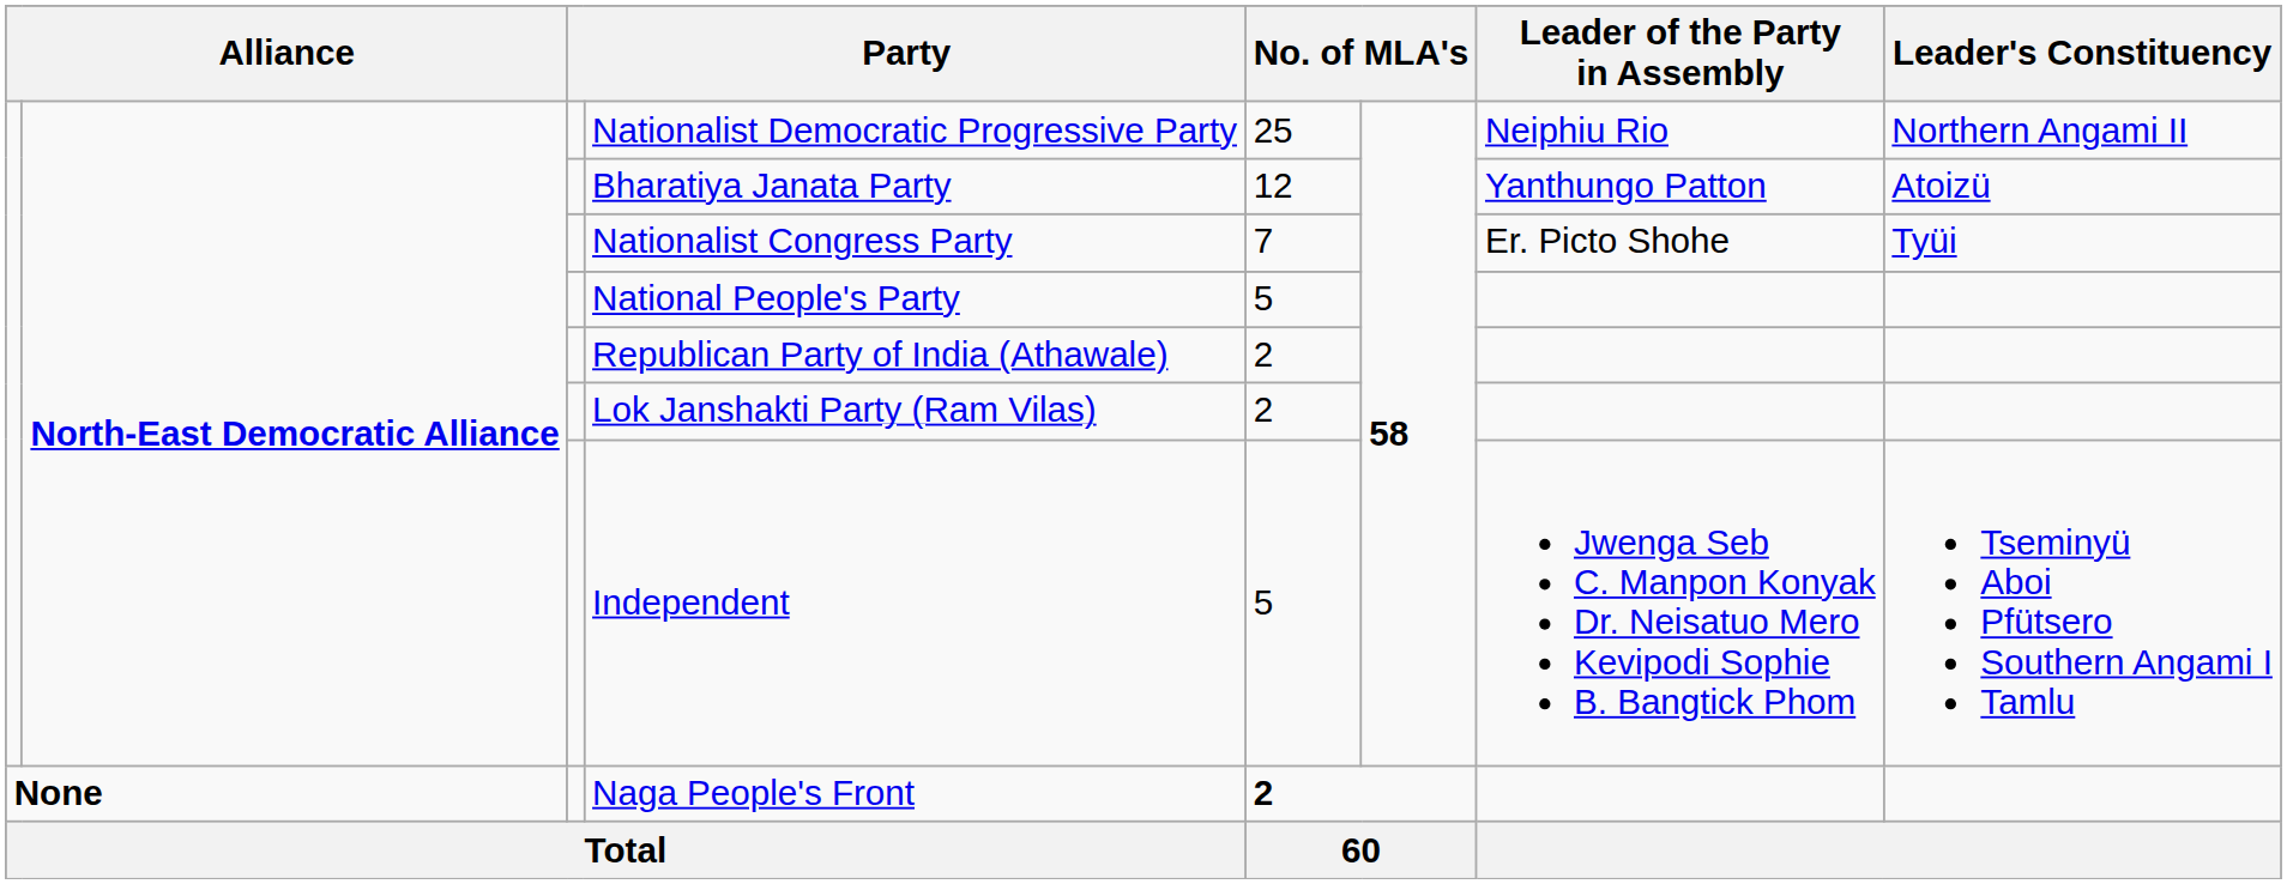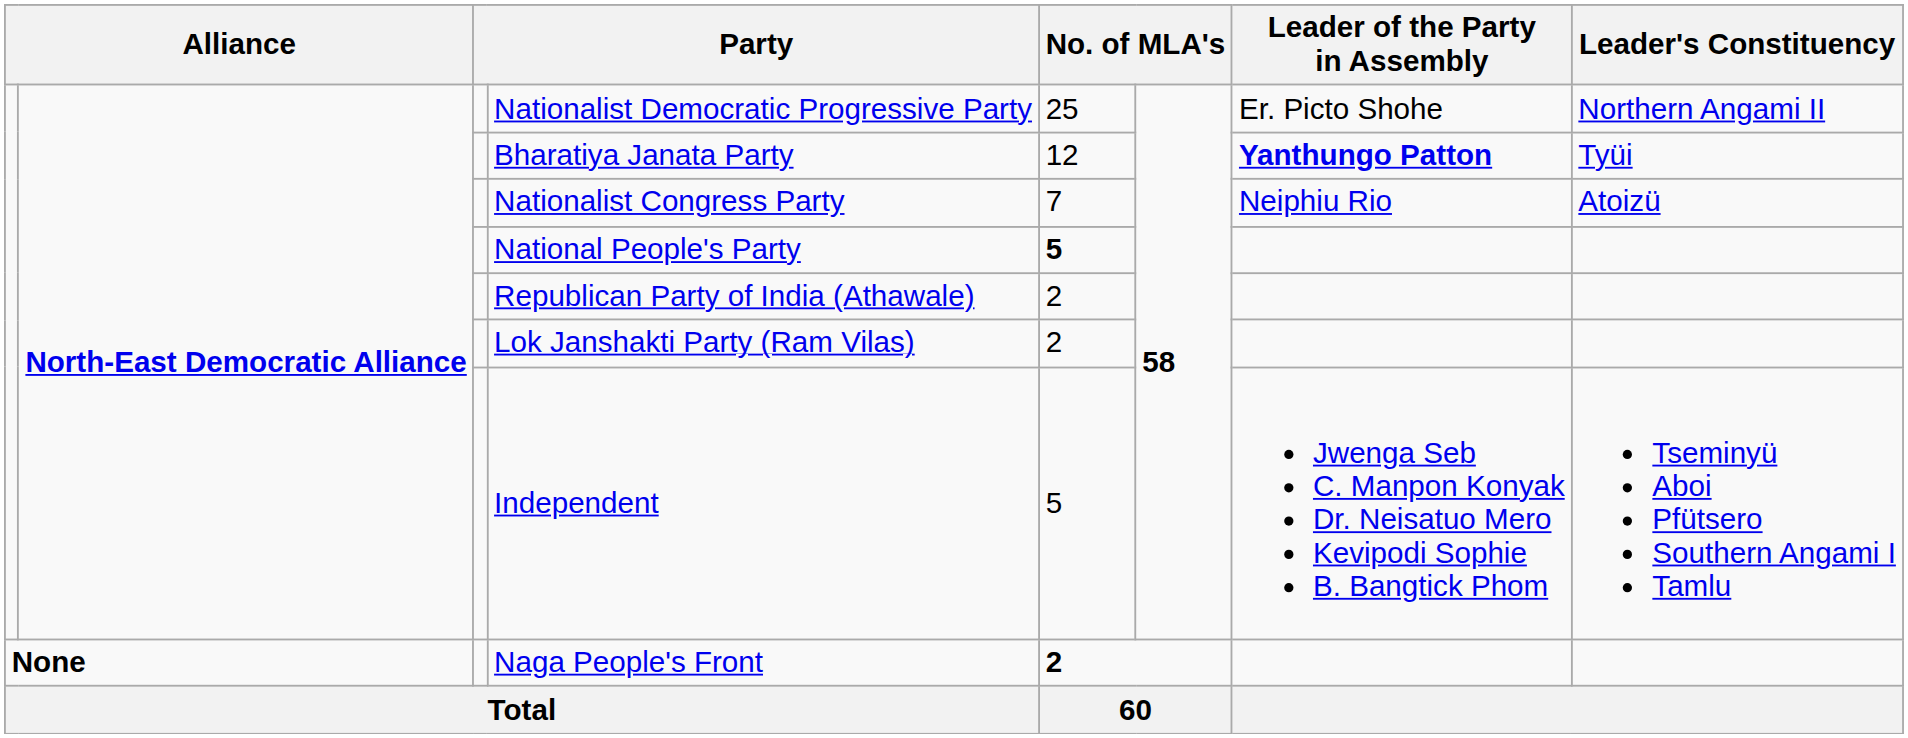 <table class="wikitable">
 <tr>
 <th colspan="2">Alliance</th>
 <th colspan="2">Party</th>
 <th colspan="2">No. of MLA's</th>
 <th>Leader of the Party<br>in Assembly</th>
 <th>Leader's Constituency</th>
 </tr>
 <tr>
 <td rowspan="7" style="background:"></td>
 <td rowspan="7"><strong><a href='#'>North-East Democratic Alliance</a></strong></td>
 <td style="background:"></td>
 <td><a href='#'>Nationalist Democratic Progressive Party</a></td>
 <td>25</td>
 <td rowspan="7"><strong>58</strong></td>
-<td><a href='#'>Neiphiu Rio</a></td>
+<td>Er. Picto Shohe</td>
 <td><a href='#'>Northern Angami II</a></td>
 </tr>
 <tr>
 <td style="background:"></td>
 <td><a href='#'>Bharatiya Janata Party</a></td>
 <td>12</td>
-<td><a href='#'>Yanthungo Patton</a></td>
-<td><a href='#'>Atoizü</a></td>
+<td><strong><a href='#'>Yanthungo Patton</a></strong></td>
+<td><a href='#'>Tyüi</a></td>
 </tr>
 <tr>
 <td style="background:"></td>
 <td><a href='#'>Nationalist Congress Party</a></td>
 <td colspan="2">7</td>
-<td>Er. Picto Shohe</td>
-<td><a href='#'>Tyüi</a></td>
+<td><a href='#'>Neiphiu Rio</a></td>
+<td><a href='#'>Atoizü</a></td>
 </tr>
 <tr>
 <td style="background:"></td>
 <td><a href='#'>National People's Party</a></td>
-<td>5</td>
+<td><strong>5</strong></td>
 <td></td>
 <td></td>
 </tr>
 <tr>
 <td style="background:"></td>
 <td><a href='#'>Republican Party of India (Athawale)</a></td>
 <td>2</td>
 <td></td>
 <td></td>
 </tr>
 <tr>
 <td style="background:"></td>
 <td><a href='#'>Lok Janshakti Party (Ram Vilas)</a></td>
 <td colspan="2">2</td>
 <td></td>
 <td></td>
 </tr>
 <tr>
 <td style="background:"></td>
 <td><a href='#'>Independent</a></td>
 <td>5</td>
 <td><br><ul><li><a href='#'>Jwenga Seb</a></li><li><a href='#'>C. Manpon Konyak</a></li><li><a href='#'>Dr. Neisatuo Mero</a></li><li><a href='#'>Kevipodi Sophie</a></li><li><a href='#'>B. Bangtick Phom</a></li></ul></td>
 <td><br><ul><li><a href='#'>Tseminyü</a></li><li><a href='#'>Aboi</a></li><li><a href='#'>Pfütsero</a></li><li><a href='#'>Southern Angami I</a></li><li><a href='#'>Tamlu</a></li></ul></td>
 </tr>
 <tr>
 <td colspan=2 rowspan="1"><strong>None</strong></td>
 <td style="background:"></td>
 <td><a href='#'>Naga People's Front</a></td>
 <td colspan="2"><strong>2</strong></td>
 <td></td>
 <td></td>
 </tr>
 <tr>
 <th colspan="4">Total</th>
 <th colspan="2">60</th>
 <th colspan=2></th>
 </tr>
 </table>
